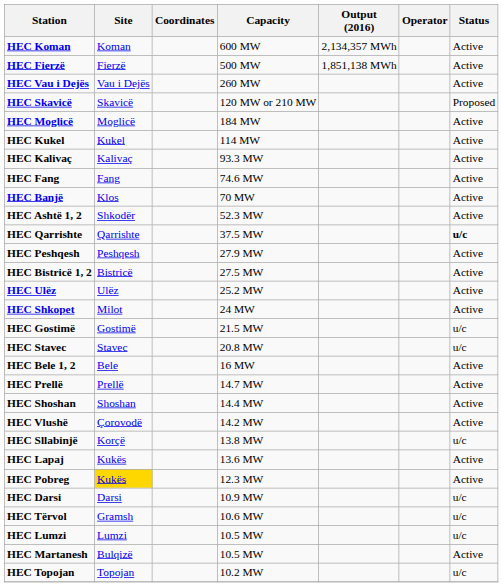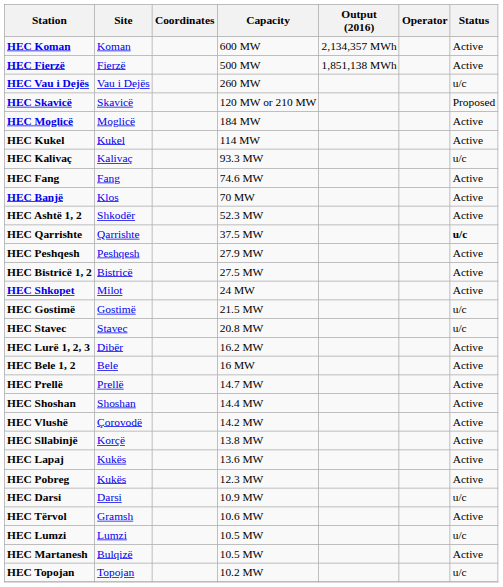 <table class="wikitable sortable" style="font-size:95%;">
 <tr>
 <th>Station</th>
 <th>Site</th>
 <th>Coordinates</th>
 <th>Capacity</th>
 <th>Output<br>(2016)</th>
 <th>Operator</th>
 <th>Status</th>
 </tr>
 <tr>
 <td><strong><a href='#'>HEC Koman</a></strong></td>
 <td><a href='#'>Koman</a></td>
 <td align="center"></td>
 <td>600 MW</td>
 <td>2,134,357 MWh</td>
 <td></td>
 <td>Active</td>
 </tr>
 <tr>
 <td><strong><a href='#'>HEC Fierzë</a></strong></td>
 <td><a href='#'>Fierzë</a></td>
 <td align="center"></td>
 <td>500 MW</td>
 <td>1,851,138 MWh</td>
 <td></td>
 <td>Active</td>
 </tr>
 <tr>
 <td><strong><a href='#'>HEC Vau i Dejës</a></strong></td>
 <td><a href='#'>Vau i Dejës</a></td>
 <td align="center"></td>
 <td>260 MW</td>
 <td></td>
 <td></td>
-<td>Active</td>
+<td>u/c</td>
 </tr>
 <tr>
 <td><strong><a href='#'>HEC Skavicë</a></strong></td>
 <td><a href='#'>Skavicë</a></td>
 <td align="center"></td>
 <td>120 MW or 210 MW</td>
 <td></td>
 <td></td>
 <td>Proposed</td>
 </tr>
 <tr>
 <td><strong><a href='#'>HEC Moglicë</a></strong></td>
 <td><a href='#'>Moglicë</a></td>
 <td align="center"></td>
 <td>184 MW</td>
 <td></td>
 <td></td>
 <td>Active</td>
 </tr>
 <tr>
 <td><strong>HEC Kukel</strong></td>
 <td><a href='#'>Kukel</a></td>
 <td></td>
 <td>114 MW</td>
 <td></td>
 <td></td>
 <td>Active</td>
 </tr>
 <tr>
 <td><strong>HEC Kalivaç</strong></td>
 <td><a href='#'>Kalivaç</a></td>
 <td align="center"></td>
 <td>93.3 MW</td>
 <td></td>
 <td></td>
-<td>Active</td>
+<td>u/c</td>
 </tr>
 <tr>
 <td><strong>HEC Fang</strong></td>
 <td><a href='#'>Fang</a></td>
 <td align="center"></td>
 <td>74.6 MW</td>
 <td></td>
 <td></td>
 <td>Active</td>
 </tr>
 <tr>
 <td><strong><a href='#'>HEC Banjë</a></strong></td>
 <td><a href='#'>Klos</a></td>
 <td align="center"></td>
 <td>70 MW</td>
 <td></td>
 <td></td>
 <td>Active</td>
 </tr>
 <tr>
 <td><strong>HEC Ashtë 1, 2</strong></td>
 <td><a href='#'>Shkodër</a></td>
 <td align="center"></td>
 <td>52.3 MW</td>
 <td></td>
 <td></td>
 <td>Active</td>
 </tr>
 <tr>
 <td><strong>HEC Qarrishte</strong></td>
 <td><a href='#'>Qarrishte</a></td>
 <td align="center"></td>
 <td>37.5 MW</td>
 <td></td>
 <td></td>
 <td><strong>u/c</strong></td>
 </tr>
 <tr>
 <td><strong>HEC Peshqesh</strong></td>
 <td><a href='#'>Peshqesh</a></td>
 <td align="center"></td>
 <td>27.9 MW</td>
 <td></td>
 <td></td>
 <td>Active</td>
 </tr>
 <tr>
 <td><strong>HEC Bistricë 1, 2</strong></td>
 <td><a href='#'>Bistricë</a></td>
 <td align="center"></td>
 <td>27.5 MW</td>
 <td></td>
 <td></td>
 <td>Active</td>
 </tr>
 <tr>
-<td><strong><a href='#'>HEC Ulëz</a></strong></td>
-<td><a href='#'>Ulëz</a></td>
-<td align="center"></td>
-<td>25.2 MW</td>
-<td></td>
-<td></td>
-<td>Active</td>
-</tr>
-<tr>
 <td><strong><a href='#'>HEC Shkopet</a></strong></td>
 <td><a href='#'>Milot</a></td>
 <td align="center"></td>
 <td>24 MW</td>
 <td></td>
 <td></td>
 <td>Active</td>
 </tr>
 <tr>
 <td><strong>HEC Gostimë</strong></td>
 <td><a href='#'>Gostimë</a></td>
 <td align="center"></td>
 <td>21.5 MW</td>
 <td></td>
 <td></td>
 <td>u/c</td>
 </tr>
 <tr>
 <td><strong>HEC Stavec</strong></td>
 <td><a href='#'>Stavec</a></td>
 <td align="center"></td>
 <td>20.8 MW</td>
 <td></td>
 <td></td>
 <td>u/c</td>
+</tr>
+<tr>
+<td><strong>HEC Lurë 1, 2, 3</strong></td>
+<td><a href='#'>Dibër</a></td>
+<td align="center"></td>
+<td>16.2 MW</td>
+<td></td>
+<td></td>
+<td>Active</td>
 </tr>
 <tr>
 <td><strong>HEC Bele 1, 2</strong></td>
 <td><a href='#'>Bele</a></td>
 <td align="center"></td>
 <td>16 MW</td>
 <td></td>
 <td></td>
 <td>Active</td>
 </tr>
 <tr>
 <td><strong>HEC Prellë</strong></td>
 <td><a href='#'>Prellë</a></td>
 <td align="center"></td>
 <td>14.7 MW</td>
 <td></td>
 <td></td>
 <td>Active</td>
 </tr>
 <tr>
 <td><strong>HEC Shoshan</strong></td>
 <td><a href='#'>Shoshan</a></td>
 <td></td>
 <td>14.4 MW</td>
 <td></td>
 <td></td>
 <td>Active</td>
 </tr>
 <tr>
 <td><strong>HEC Vlushë</strong></td>
 <td><a href='#'>Çorovodë</a></td>
 <td></td>
 <td>14.2 MW</td>
 <td></td>
 <td></td>
 <td>Active</td>
 </tr>
 <tr>
 <td><strong>HEC Sllabinjë</strong></td>
 <td><a href='#'>Korçë</a></td>
 <td align="center"></td>
 <td>13.8 MW</td>
 <td></td>
 <td></td>
-<td>u/c</td>
+<td>Active</td>
 </tr>
 <tr>
 <td><strong>HEC Lapaj</strong></td>
 <td><a href='#'>Kukës</a></td>
 <td align="center"></td>
 <td>13.6 MW</td>
 <td></td>
 <td></td>
 <td>Active</td>
 </tr>
 <tr>
 <td><strong>HEC Pobreg</strong></td>
-<td style="background: gold;"><a href='#'>Kukës</a></td>
+<td><a href='#'>Kukës</a></td>
 <td align="center"></td>
 <td>12.3 MW</td>
 <td></td>
 <td></td>
 <td>Active</td>
 </tr>
 <tr>
 <td><strong>HEC Darsi</strong></td>
 <td><a href='#'>Darsi</a></td>
 <td align="center"></td>
 <td>10.9 MW</td>
 <td></td>
 <td></td>
 <td>u/c</td>
 </tr>
 <tr>
 <td><strong>HEC Tërvol</strong></td>
 <td><a href='#'>Gramsh</a></td>
 <td align="center"></td>
 <td>10.6 MW</td>
 <td></td>
 <td></td>
-<td>u/c</td>
+<td>Active</td>
 </tr>
 <tr>
 <td><strong>HEC Lumzi</strong></td>
 <td><a href='#'>Lumzi</a></td>
 <td align="center"></td>
 <td>10.5 MW</td>
 <td></td>
 <td></td>
 <td>u/c</td>
 </tr>
 <tr>
 <td><strong>HEC Martanesh</strong></td>
 <td><a href='#'>Bulqizë</a></td>
 <td align="center"></td>
 <td>10.5 MW</td>
 <td></td>
 <td></td>
 <td>Active</td>
 </tr>
 <tr>
 <td><strong>HEC Topojan</strong></td>
 <td><a href='#'>Topojan</a></td>
 <td align="center"></td>
 <td>10.2 MW</td>
 <td></td>
 <td></td>
 <td>u/c</td>
 </tr>
 <tr>
 </tr>
 </table>
